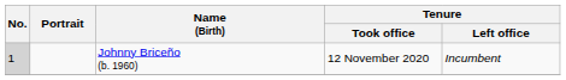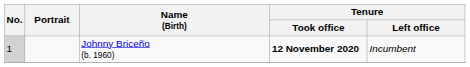 <table class="wikitable">
 <tr>
 <th scope="col" style="width:20px;" rowspan="2">No.</th>
 <th scope="col" style="width:80px;" rowspan="2">Portrait</th>
 <th scope="col" style="width:300px;" rowspan="2">Name<br><small>(Birth)</small></th>
 <th scope="col" style="width:300px;" colspan="2">Tenure</th>
 </tr>
 <tr>
 <th scope="col" style="width:150px;">Took office</th>
 <th scope="col" style="width:150px;">Left office</th>
 </tr>
 <tr>
 <td style="background: lightgrey;">1</td>
 <td style="text-align: center;"></td>
 <td><a href='#'>Johnny Briceño</a><br><small>(b. 1960)</small></td>
-<td>12 November 2020</td>
+<td><strong>12 November 2020</strong></td>
 <td><em>Incumbent</em></td>
 </tr>
 <tr>
 </tr>
 </table>
